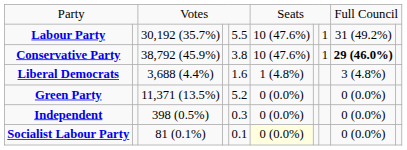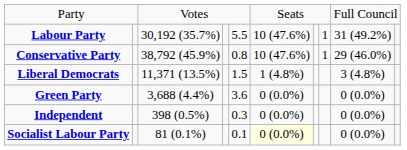 <table class=wikitable style="text-align:center;">
 <tr>
 <td colspan=2>Party</td>
 <td colspan=3>Votes</td>
 <td colspan=3>Seats</td>
 <td colspan=3>Full Council</td>
 </tr>
 <tr>
 <td><strong><a href='#'>Labour Party</a></strong></td>
 <td style="background:"></td>
 <td>30,192 (35.7%)</td>
 <td></td>
 <td> 5.5</td>
 <td>10 (47.6%)</td>
 <td></td>
 <td> 1</td>
 <td>31 (49.2%)</td>
 <td></td>
 </tr>
 <tr>
 <td><strong><a href='#'>Conservative Party</a></strong></td>
 <td style="background:"></td>
 <td>38,792 (45.9%)</td>
 <td></td>
-<td> 3.8</td>
+<td> 0.8</td>
 <td>10 (47.6%)</td>
 <td></td>
 <td> 1</td>
-<td><strong>29 (46.0%)</strong></td>
+<td>29 (46.0%)</td>
 <td></td>
 </tr>
 <tr>
 <td><strong><a href='#'>Liberal Democrats</a></strong></td>
 <td style="background:"></td>
-<td>3,688 (4.4%)</td>
+<td>11,371 (13.5%)</td>
 <td></td>
-<td> 1.6</td>
+<td> 1.5</td>
 <td>1 (4.8%)</td>
 <td></td>
 <td></td>
 <td>3 (4.8%)</td>
 <td></td>
 </tr>
 <tr>
 <td><strong><a href='#'>Green Party</a></strong></td>
 <td style="background:"></td>
-<td>11,371 (13.5%)</td>
+<td>3,688 (4.4%)</td>
 <td></td>
-<td> 5.2</td>
+<td> 3.6</td>
 <td>0 (0.0%)</td>
 <td></td>
 <td></td>
 <td>0 (0.0%)</td>
 <td></td>
 </tr>
 <tr>
 <td><strong><a href='#'>Independent</a></strong></td>
 <td style="background:"></td>
 <td>398 (0.5%)</td>
 <td></td>
 <td> 0.3</td>
 <td>0 (0.0%)</td>
 <td></td>
 <td></td>
 <td>0 (0.0%)</td>
 <td></td>
 </tr>
 <tr>
 <td><strong><a href='#'>Socialist Labour Party</a></strong></td>
 <td style="background:"></td>
 <td>81 (0.1%)</td>
 <td></td>
 <td> 0.1</td>
 <td style="background: lightyellow;">0 (0.0%)</td>
 <td></td>
 <td></td>
 <td>0 (0.0%)</td>
 <td></td>
 </tr>
 </table>
